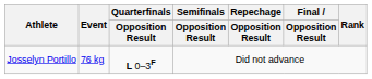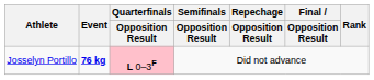 <table class="wikitable" border="1" style="font-size:90%">
 <tr>
 <th rowspan=2>Athlete</th>
 <th rowspan=2>Event</th>
 <th>Quarterfinals</th>
 <th>Semifinals</th>
 <th>Repechage</th>
 <th>Final / </th>
 <th rowspan=2>Rank</th>
 </tr>
 <tr>
 <th>Opposition<br>Result</th>
 <th>Opposition<br>Result</th>
 <th>Opposition<br>Result</th>
 <th>Opposition<br>Result</th>
 </tr>
 <tr align=center>
 <td align=left><a href='#'>Josselyn Portillo</a></td>
-<td align=left><a href='#'>76 kg</a></td>
-<td><br><strong>L</strong> 0–3<sup><strong>F</strong></sup></td>
+<td align=left><strong><a href='#'>76 kg</a></strong></td>
+<td style="background: pink;"><br><strong>L</strong> 0–3<sup><strong>F</strong></sup></td>
 <td colspan=4>Did not advance</td>
 </tr>
 </table>
